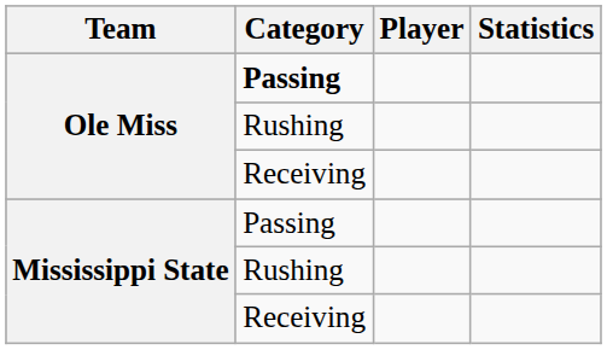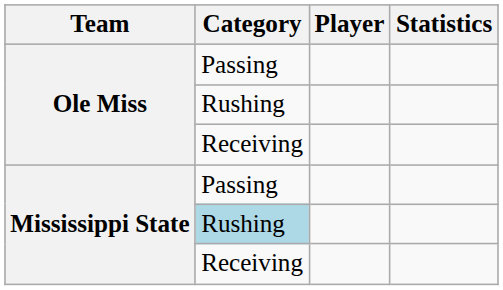 <table class="wikitable" style="float:right">
 <tr>
 <th>Team</th>
 <th>Category</th>
 <th>Player</th>
 <th>Statistics</th>
 </tr>
 <tr>
 <th rowspan=3>Ole Miss</th>
-<td><strong>Passing</strong></td>
+<td>Passing</td>
 <td></td>
 <td></td>
 </tr>
 <tr>
 <td>Rushing</td>
 <td></td>
 <td></td>
 </tr>
 <tr>
 <td>Receiving</td>
 <td></td>
 <td></td>
 </tr>
 <tr>
 <th rowspan=3>Mississippi State</th>
 <td>Passing</td>
 <td></td>
 <td></td>
 </tr>
 <tr>
-<td>Rushing</td>
+<td style="background: lightblue;">Rushing</td>
 <td></td>
 <td></td>
 </tr>
 <tr>
 <td>Receiving</td>
 <td></td>
 <td></td>
 </tr>
 </table>
